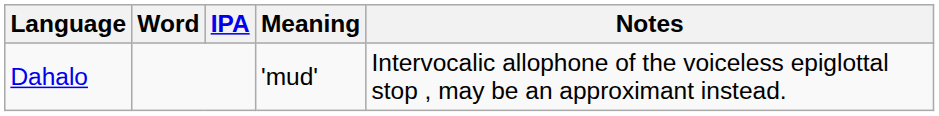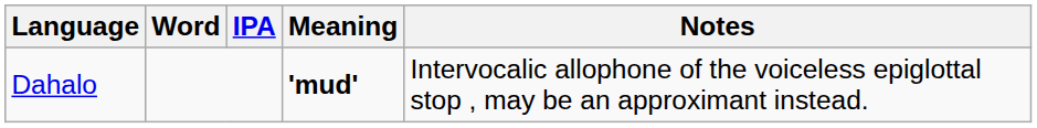 <table class="wikitable">
 <tr>
 <th colspan="2">Language</th>
 <th>Word</th>
 <th><a href='#'>IPA</a></th>
 <th>Meaning</th>
 <th>Notes</th>
 </tr>
 <tr>
 <td colspan="2"><a href='#'>Dahalo</a></td>
 <td colspan="2" align="center"> </td>
-<td>'mud'</td>
+<td><strong>'mud'</strong></td>
 <td>Intervocalic allophone of the voiceless epiglottal stop , may be an approximant instead.</td>
 </tr>
 </table>
